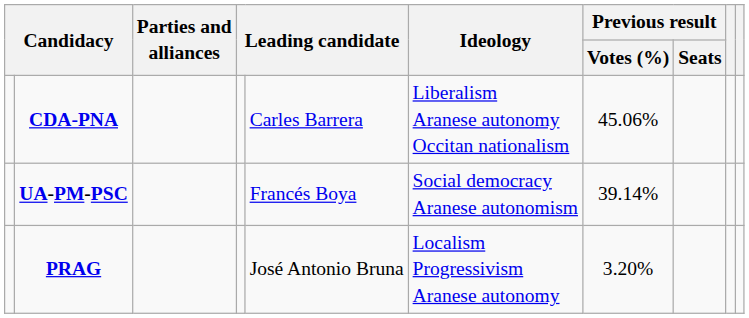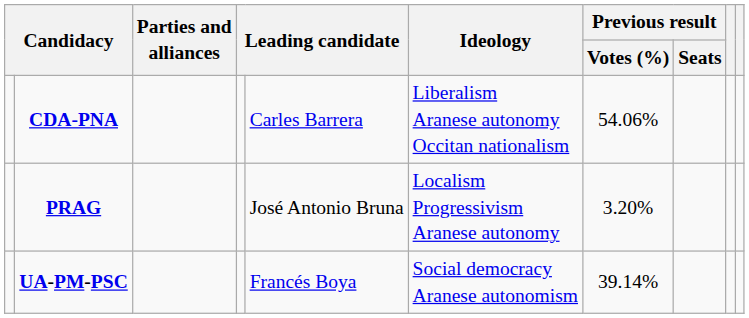 <table class="wikitable" style="line-height:1.35em; text-align:left;">
 <tr>
 <th colspan="2" rowspan="2">Candidacy</th>
 <th rowspan="2">Parties and<br>alliances</th>
 <th colspan="2" rowspan="2">Leading candidate</th>
 <th rowspan="2">Ideology</th>
 <th colspan="2">Previous result</th>
 <th rowspan="2"></th>
 <th rowspan="2"></th>
 </tr>
 <tr>
 <th>Votes (%)</th>
 <th>Seats</th>
 </tr>
 <tr>
 <td width="1" style="color:inherit;background:"></td>
 <td align="center"><strong><a href='#'>CDA-PNA</a></strong></td>
 <td></td>
 <td></td>
 <td><a href='#'>Carles Barrera</a></td>
 <td><a href='#'>Liberalism</a><br><a href='#'>Aranese autonomy</a><br><a href='#'>Occitan nationalism</a></td>
-<td align="center">45.06%</td>
+<td align="center">54.06%</td>
+<td></td>
+<td></td>
+<td></td>
+</tr>
+<tr>
+<td style="color:inherit;background:"></td>
+<td align="center"><strong><a href='#'>PRAG</a></strong></td>
+<td></td>
+<td></td>
+<td>José Antonio Bruna</td>
+<td><a href='#'>Localism</a><br><a href='#'>Progressivism</a><br><a href='#'>Aranese autonomy</a></td>
+<td align="center">3.20%</td>
 <td></td>
 <td></td>
 <td></td>
 </tr>
 <tr>
 <td style="color:inherit;background:"></td>
 <td align="center"><strong><a href='#'>UA</a>-<a href='#'>PM</a>-<a href='#'>PSC</a></strong></td>
 <td></td>
 <td></td>
 <td><a href='#'>Francés Boya</a></td>
 <td><a href='#'>Social democracy</a><br><a href='#'>Aranese autonomism</a></td>
 <td align="center">39.14%</td>
 <td></td>
 <td></td>
 <td></td>
 </tr>
-<tr>
-<td style="color:inherit;background:"></td>
-<td align="center"><strong><a href='#'>PRAG</a></strong></td>
-<td></td>
-<td></td>
-<td>José Antonio Bruna</td>
-<td><a href='#'>Localism</a><br><a href='#'>Progressivism</a><br><a href='#'>Aranese autonomy</a></td>
-<td align="center">3.20%</td>
-<td></td>
-<td></td>
-<td></td>
-</tr>
 </table>
